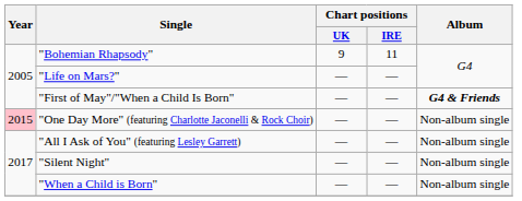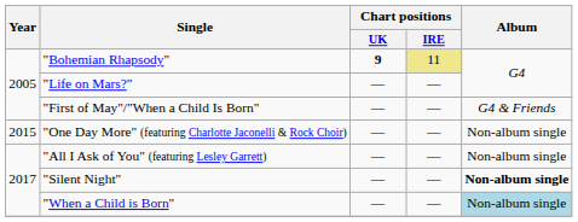 <table class="wikitable" style="font-size: 9pt; text-align: center">
 <tr>
 <th rowspan="2">Year</th>
 <th rowspan="2">Single</th>
 <th colspan="2">Chart positions</th>
 <th rowspan="2">Album</th>
 </tr>
 <tr style="font-size:90%;">
 <th style="width:4em;"><a href='#'>UK</a></th>
 <th style="width:4em;"><a href='#'>IRE</a></th>
 </tr>
 <tr>
 <td rowspan="3">2005</td>
 <td align="left">"<a href='#'>Bohemian Rhapsody</a>"</td>
-<td style="text-align:center;">9</td>
-<td style="text-align:center;">11</td>
+<td style="text-align:center;"><strong>9</strong></td>
+<td style="background: khaki; text-align:center;">11</td>
 <td style="text-align:center;" rowspan="2"><em>G4</em></td>
 </tr>
 <tr>
 <td align="left">"<a href='#'>Life on Mars?</a>"</td>
 <td style="text-align:center;">—</td>
 <td style="text-align:center;">—</td>
 </tr>
 <tr>
 <td align="left">"First of May"/"When a Child Is Born"</td>
 <td style="text-align:center;">—</td>
 <td style="text-align:center;">—</td>
-<td style="text-align:center;"><strong><em>G4 & Friends</em></strong></td>
+<td style="text-align:center;"><em>G4 & Friends</em></td>
 </tr>
 <tr>
-<td style="background: pink;">2015</td>
+<td>2015</td>
 <td align="left">"One Day More" <small>(featuring <a href='#'>Charlotte Jaconelli</a> & <a href='#'>Rock Choir</a>)</small></td>
 <td style="text-align:center;">—</td>
 <td style="text-align:center;">—</td>
 <td style="text-align:center;">Non-album single</td>
 </tr>
 <tr>
 <td rowspan="3">2017</td>
 <td align="left">"All I Ask of You" <small>(featuring <a href='#'>Lesley Garrett</a>)</small></td>
 <td style="text-align:center;">—</td>
 <td style="text-align:center;">—</td>
 <td style="text-align:center;">Non-album single</td>
 </tr>
 <tr>
 <td align="left">"Silent Night"</td>
 <td style="text-align:center;">—</td>
 <td style="text-align:center;">—</td>
-<td style="text-align:center;">Non-album single</td>
+<td style="text-align:center;"><strong>Non-album single</strong></td>
 </tr>
 <tr>
 <td align="left">"<a href='#'>When a Child is Born</a>"</td>
 <td style="text-align:center;">—</td>
 <td style="text-align:center;">—</td>
-<td style="text-align:center;">Non-album single</td>
+<td style="background: lightblue; text-align:center;">Non-album single</td>
 </tr>
 <tr>
 </tr>
 </table>
